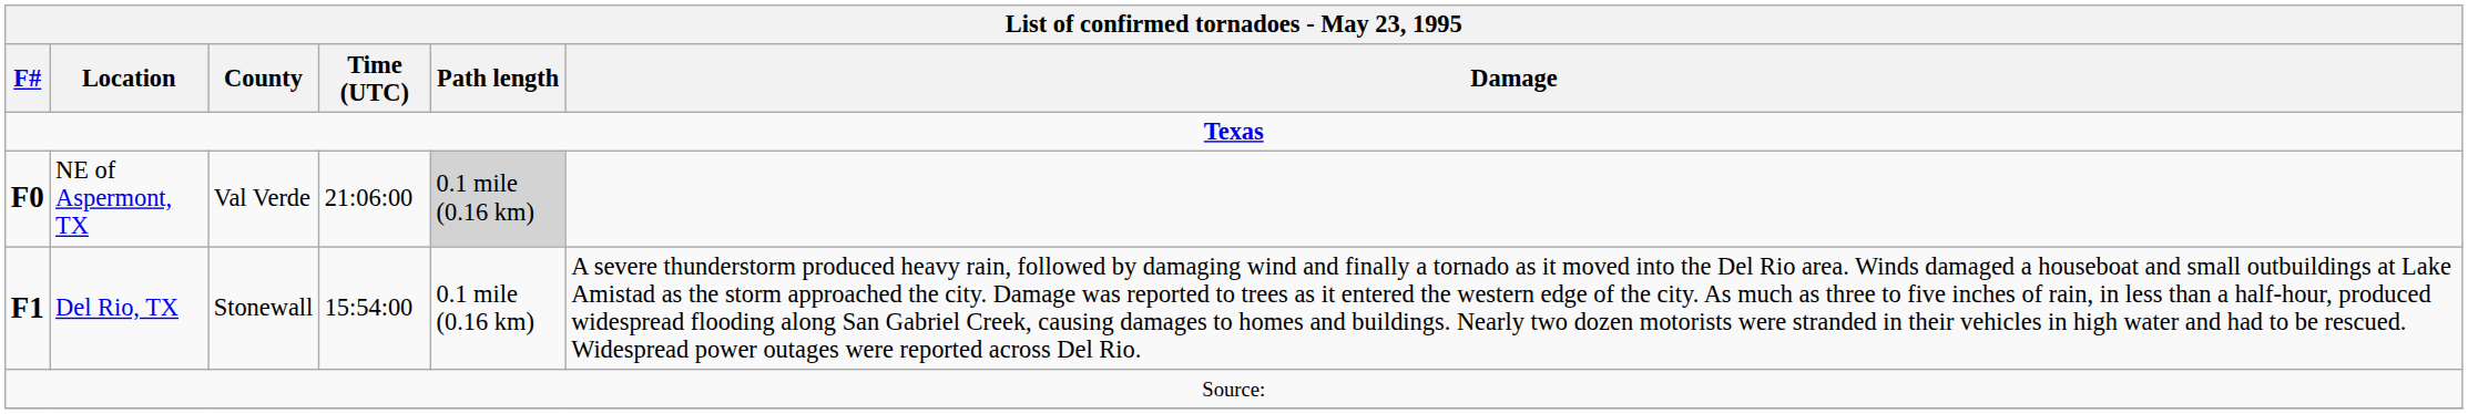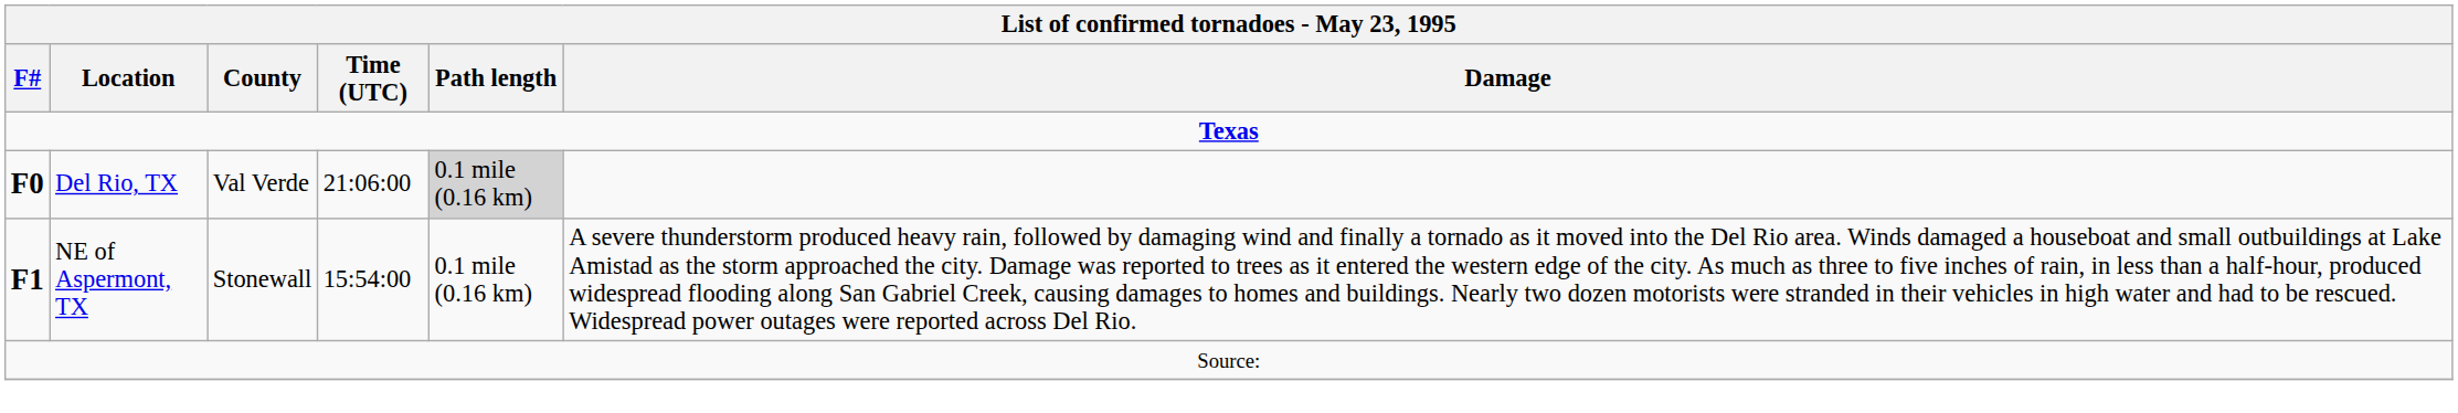 <table class="wikitable collapsible" width="100%">
 <tr>
 <th colspan="6">List of confirmed tornadoes - May 23, 1995</th>
 </tr>
 <tr>
 <th><a href='#'>F#</a></th>
 <th>Location</th>
 <th>County</th>
 <th>Time (UTC)</th>
 <th>Path length</th>
 <th>Damage</th>
 </tr>
 <tr>
 <td colspan="7" align=center><strong><a href='#'>Texas</a></strong></td>
 </tr>
 <tr>
 <td><big><strong>F0</strong></big></td>
-<td>NE of <a href='#'>Aspermont, TX</a></td>
+<td><a href='#'>Del Rio, TX</a></td>
 <td>Val Verde</td>
 <td>21:06:00</td>
 <td style="background: lightgrey;">0.1 mile (0.16 km)</td>
 <td></td>
 </tr>
 <tr>
 <td><big><strong>F1</strong></big></td>
-<td><a href='#'>Del Rio, TX</a></td>
+<td>NE of <a href='#'>Aspermont, TX</a></td>
 <td>Stonewall</td>
 <td>15:54:00</td>
 <td>0.1 mile (0.16 km)</td>
 <td>A severe thunderstorm produced heavy rain, followed by damaging wind and finally a tornado as it moved into the Del Rio area. Winds damaged a houseboat and small outbuildings at Lake Amistad as the storm approached the city. Damage was reported to trees as it entered the western edge of the city. As much as three to five inches of rain, in less than a half-hour, produced widespread flooding along San Gabriel Creek, causing damages to homes and buildings. Nearly two dozen motorists were stranded in their vehicles in high water and had to be rescued. Widespread power outages were reported across Del Rio.</td>
 </tr>
 <tr>
 <td colspan="7" align=center><small>Source:  </small></td>
 </tr>
 <tr>
 </tr>
 </table>
